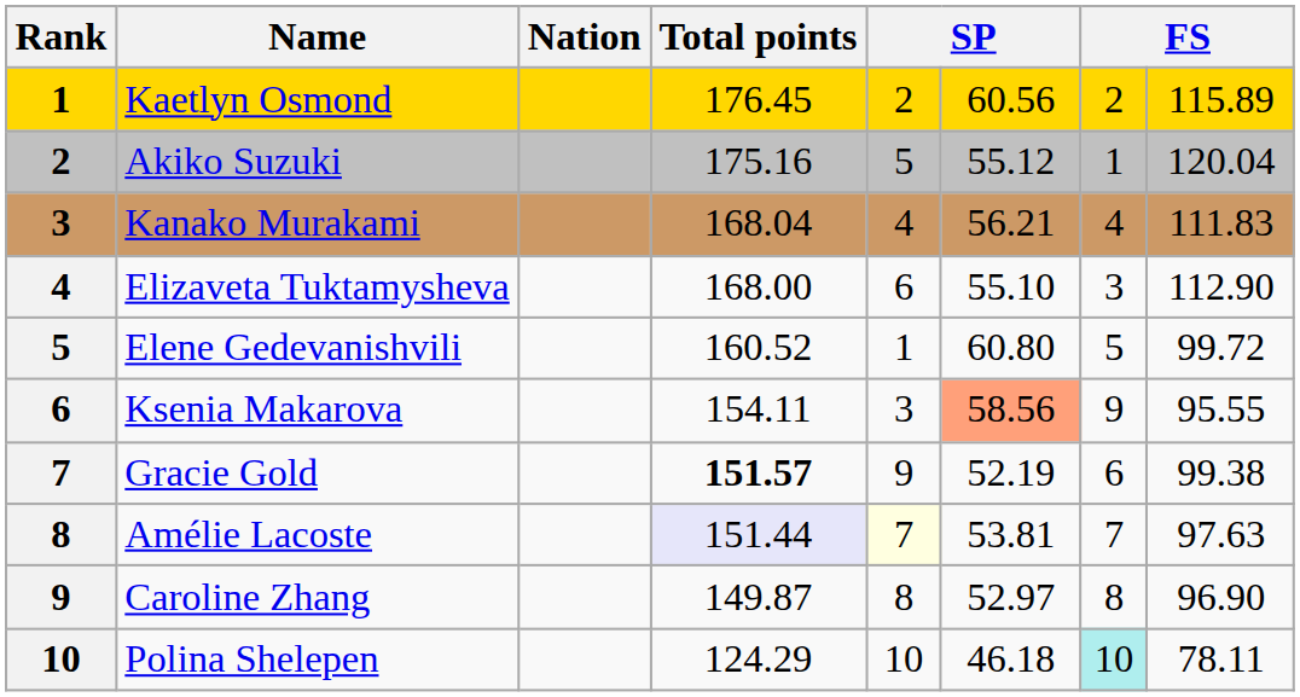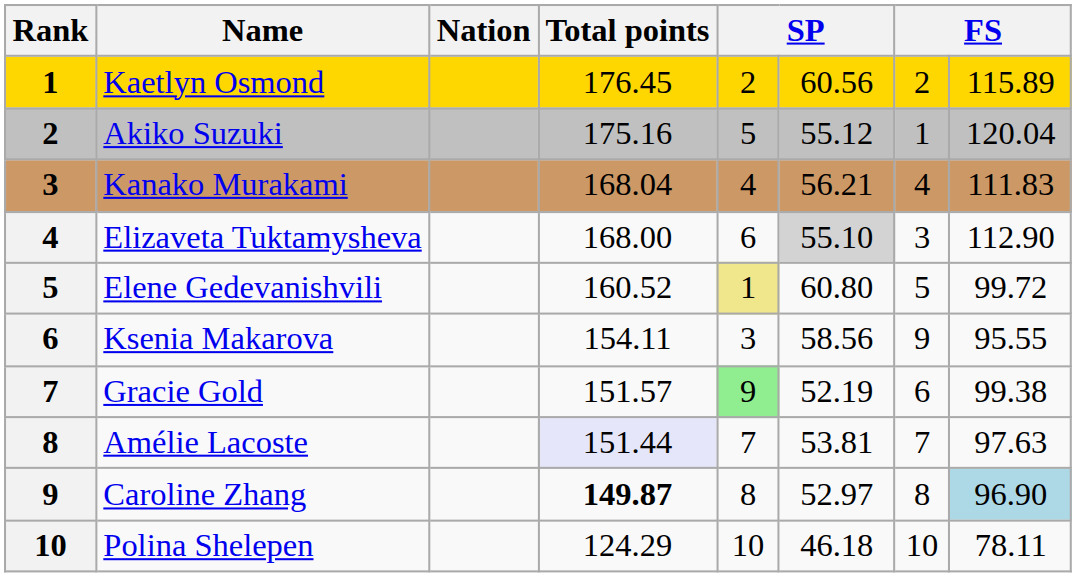 <table class="wikitable sortable">
 <tr>
 <th>Rank</th>
 <th>Name</th>
 <th>Nation</th>
 <th>Total points</th>
 <th colspan="2" width="80px"><a href='#'>SP</a></th>
 <th colspan="2" width="80px"><a href='#'>FS</a></th>
 </tr>
 <tr bgcolor="gold">
 <td align="center"><strong>1</strong></td>
 <td><a href='#'>Kaetlyn Osmond</a></td>
 <td></td>
 <td align="center">176.45</td>
 <td align="center">2</td>
 <td align="center">60.56</td>
 <td align="center">2</td>
 <td align="center">115.89</td>
 </tr>
 <tr bgcolor="silver">
 <td align="center"><strong>2</strong></td>
 <td><a href='#'>Akiko Suzuki</a></td>
 <td></td>
 <td align="center">175.16</td>
 <td align="center">5</td>
 <td align="center">55.12</td>
 <td align="center">1</td>
 <td align="center">120.04</td>
 </tr>
 <tr bgcolor="cc9966">
 <td align="center"><strong>3</strong></td>
 <td><a href='#'>Kanako Murakami</a></td>
 <td></td>
 <td align="center">168.04</td>
 <td align="center">4</td>
 <td align="center">56.21</td>
 <td align="center">4</td>
 <td align="center">111.83</td>
 </tr>
 <tr>
 <th>4</th>
 <td><a href='#'>Elizaveta Tuktamysheva</a></td>
 <td></td>
 <td align="center">168.00</td>
 <td align="center">6</td>
-<td align="center">55.10</td>
+<td align="center" style="background: lightgrey;">55.10</td>
 <td align="center">3</td>
 <td align="center">112.90</td>
 </tr>
 <tr>
 <th>5</th>
 <td><a href='#'>Elene Gedevanishvili</a></td>
 <td></td>
 <td align="center">160.52</td>
-<td align="center">1</td>
+<td align="center" style="background: khaki;">1</td>
 <td align="center">60.80</td>
 <td align="center">5</td>
 <td align="center">99.72</td>
 </tr>
 <tr>
 <th>6</th>
 <td><a href='#'>Ksenia Makarova</a></td>
 <td></td>
 <td align="center">154.11</td>
 <td align="center">3</td>
-<td align="center" style="background: lightsalmon;">58.56</td>
+<td align="center">58.56</td>
 <td align="center">9</td>
 <td align="center">95.55</td>
 </tr>
 <tr>
 <th>7</th>
 <td><a href='#'>Gracie Gold</a></td>
 <td></td>
-<td align="center"><strong>151.57</strong></td>
-<td align="center">9</td>
+<td align="center">151.57</td>
+<td align="center" style="background: lightgreen;">9</td>
 <td align="center">52.19</td>
 <td align="center">6</td>
 <td align="center">99.38</td>
 </tr>
 <tr>
 <th>8</th>
 <td><a href='#'>Amélie Lacoste</a></td>
 <td></td>
 <td align="center" style="background: lavender;">151.44</td>
-<td align="center" style="background: lightyellow;">7</td>
+<td align="center">7</td>
 <td align="center">53.81</td>
 <td align="center">7</td>
 <td align="center">97.63</td>
 </tr>
 <tr>
 <th>9</th>
 <td><a href='#'>Caroline Zhang</a></td>
 <td></td>
-<td align="center">149.87</td>
+<td align="center"><strong>149.87</strong></td>
 <td align="center">8</td>
 <td align="center">52.97</td>
 <td align="center">8</td>
-<td align="center">96.90</td>
+<td align="center" style="background: lightblue;">96.90</td>
 </tr>
 <tr>
 <th>10</th>
 <td><a href='#'>Polina Shelepen</a></td>
 <td></td>
 <td align="center">124.29</td>
 <td align="center">10</td>
 <td align="center">46.18</td>
-<td align="center" style="background: paleturquoise;">10</td>
+<td align="center">10</td>
 <td align="center">78.11</td>
 </tr>
 </table>
